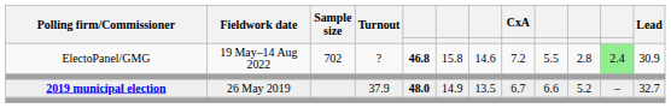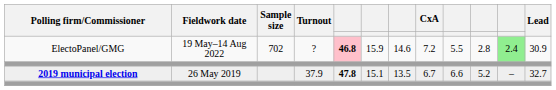 <table class="wikitable collapsible collapsed" style="text-align:center; font-size:95%; line-height:16px;">
 <tr style="height:42px;">
 <th style="width:250px;" rowspan="2">Polling firm/Commissioner</th>
 <th style="width:125px;" rowspan="2">Fieldwork date</th>
 <th style="width:50px;" rowspan="2">Sample size</th>
 <th style="width:45px;" rowspan="2">Turnout</th>
 <th style="width:35px;"></th>
 <th style="width:35px;"></th>
 <th style="width:35px;"></th>
 <th style="width:35px;">CxA</th>
 <th style="width:35px;"></th>
 <th style="width:35px;"></th>
 <th style="width:35px;"></th>
 <th style="width:30px;" rowspan="2">Lead</th>
 </tr>
 <tr>
 <th style="color:inherit;background:"></th>
 <th style="color:inherit;background:"></th>
 <th style="color:inherit;background:"></th>
 <th style="color:inherit;background:"></th>
 <th style="color:inherit;background:"></th>
 <th style="color:inherit;background:"></th>
 <th style="color:inherit;background:"></th>
 </tr>
 <tr>
 <td>ElectoPanel/GMG</td>
 <td>19 May–14 Aug 2022</td>
 <td>702</td>
 <td>?</td>
-<td><strong>46.8</strong><br></td>
-<td>15.8<br></td>
+<td style="background: pink;"><strong>46.8</strong><br></td>
+<td>15.9<br></td>
 <td>14.6<br></td>
 <td>7.2<br></td>
 <td>5.5<br></td>
 <td>2.8<br></td>
 <td style="background: lightgreen;">2.4<br></td>
 <td style="background:">30.9</td>
 </tr>
 <tr>
 <td colspan="12" style="background:#A0A0A0"></td>
 </tr>
 <tr style="background:#EFEFEF;">
 <td><strong><a href='#'>2019 municipal election</a></strong></td>
 <td>26 May 2019</td>
 <td></td>
 <td>37.9</td>
-<td><strong>48.0</strong><br></td>
-<td>14.9<br></td>
+<td><strong>47.8</strong><br></td>
+<td>15.1<br></td>
 <td>13.5<br></td>
 <td>6.7<br></td>
 <td>6.6<br></td>
 <td>5.2<br></td>
 <td>–</td>
 <td style="background:">32.7</td>
 </tr>
 <tr>
 <td colspan="12" style="background:#A0A0A0"></td>
 </tr>
 </table>
